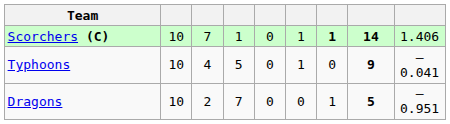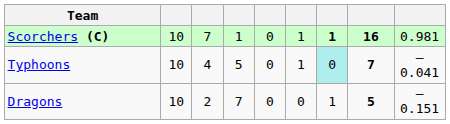 <table class="wikitable" style="text-align:center">
 <tr>
 <th width="150">Team</th>
 <th width="25"></th>
 <th width="25"></th>
 <th width="25"></th>
 <th width="25"></th>
 <th width="25"></th>
 <th width="25"></th>
 <th width="40"></th>
 <th width="45"></th>
 </tr>
 <tr style="background:#cfc">
 <td style="text-align:left"><a href='#'>Scorchers</a> <strong>(C)</strong></td>
 <td>10</td>
 <td>7</td>
 <td>1</td>
 <td>0</td>
 <td>1</td>
 <td><strong>1</strong></td>
-<td><strong>14</strong></td>
-<td>1.406</td>
+<td><strong>16</strong></td>
+<td>0.981</td>
 </tr>
 <tr>
 <td style="text-align:left"><a href='#'>Typhoons</a></td>
 <td>10</td>
 <td>4</td>
 <td>5</td>
 <td>0</td>
 <td>1</td>
-<td>0</td>
-<td><strong>9</strong></td>
+<td style="background: paleturquoise;">0</td>
+<td><strong>7</strong></td>
 <td>–0.041</td>
 </tr>
 <tr>
 <td style="text-align:left"><a href='#'>Dragons</a></td>
 <td>10</td>
 <td>2</td>
 <td>7</td>
 <td>0</td>
 <td>0</td>
 <td>1</td>
 <td><strong>5</strong></td>
-<td>–0.951</td>
+<td>–0.151</td>
 </tr>
 </table>
